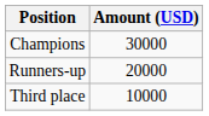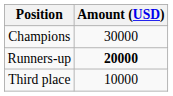 <table class="wikitable" style="text-align:center">
 <tr>
 <th>Position</th>
 <th>Amount (<a href='#'>USD</a>)</th>
 </tr>
 <tr>
 <td>Champions</td>
 <td>30000</td>
 </tr>
 <tr>
 <td>Runners-up</td>
-<td>20000</td>
+<td><strong>20000</strong></td>
 </tr>
 <tr>
 <td>Third place</td>
 <td>10000</td>
 </tr>
 </table>
